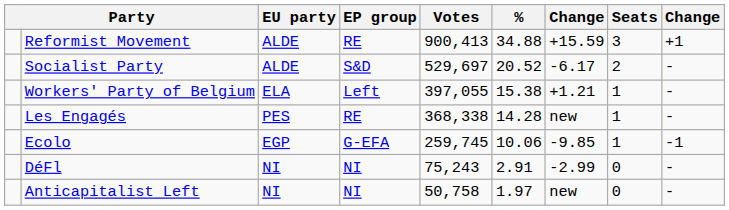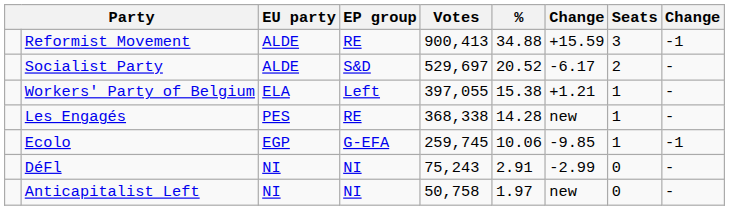 <table class="wikitable">
 <tr>
 <th colspan="2">Party</th>
 <th>EU party</th>
 <th>EP group</th>
 <th>Votes</th>
 <th>%</th>
 <th>Change</th>
 <th>Seats</th>
 <th>Change</th>
 </tr>
 <tr>
 <td style="background-color:"> </td>
 <td><a href='#'>Reformist Movement</a></td>
 <td><a href='#'>ALDE</a></td>
 <td><a href='#'>RE</a></td>
 <td>900,413</td>
 <td>34.88</td>
 <td>+15.59</td>
 <td>3</td>
-<td>+1</td>
+<td>-1</td>
 </tr>
 <tr>
 <td style="background-color:"> </td>
 <td><a href='#'>Socialist Party</a></td>
 <td><a href='#'>ALDE</a></td>
 <td><a href='#'>S&D</a></td>
 <td>529,697</td>
 <td>20.52</td>
 <td>-6.17</td>
 <td>2</td>
 <td>-</td>
 </tr>
 <tr>
 <td style="background-color:"> </td>
 <td><a href='#'>Workers' Party of Belgium</a></td>
 <td><a href='#'>ELA</a></td>
 <td><a href='#'>Left</a></td>
 <td>397,055</td>
 <td>15.38</td>
 <td>+1.21</td>
 <td>1</td>
 <td>-</td>
 </tr>
 <tr>
 <td style="background-color:"> </td>
 <td><a href='#'>Les Engagés</a></td>
 <td><a href='#'>PES</a></td>
 <td><a href='#'>RE</a></td>
 <td>368,338</td>
 <td>14.28</td>
 <td>new</td>
 <td>1</td>
 <td>-</td>
 </tr>
 <tr>
 <td style="background-color:"> </td>
 <td><a href='#'>Ecolo</a></td>
 <td><a href='#'>EGP</a></td>
 <td><a href='#'>G-EFA</a></td>
 <td>259,745</td>
 <td>10.06</td>
 <td>-9.85</td>
 <td>1</td>
 <td>-1</td>
 </tr>
 <tr>
 <td style="background-color:"> </td>
 <td><a href='#'>DéFl</a></td>
 <td><a href='#'>NI</a></td>
 <td><a href='#'>NI</a></td>
 <td>75,243</td>
 <td>2.91</td>
 <td>-2.99</td>
 <td>0</td>
 <td>-</td>
 </tr>
 <tr>
 <td style="background-color:"> </td>
 <td><a href='#'>Anticapitalist Left</a></td>
 <td><a href='#'>NI</a></td>
 <td><a href='#'>NI</a></td>
 <td>50,758</td>
 <td>1.97</td>
 <td>new</td>
 <td>0</td>
 <td>-</td>
 </tr>
 </table>
